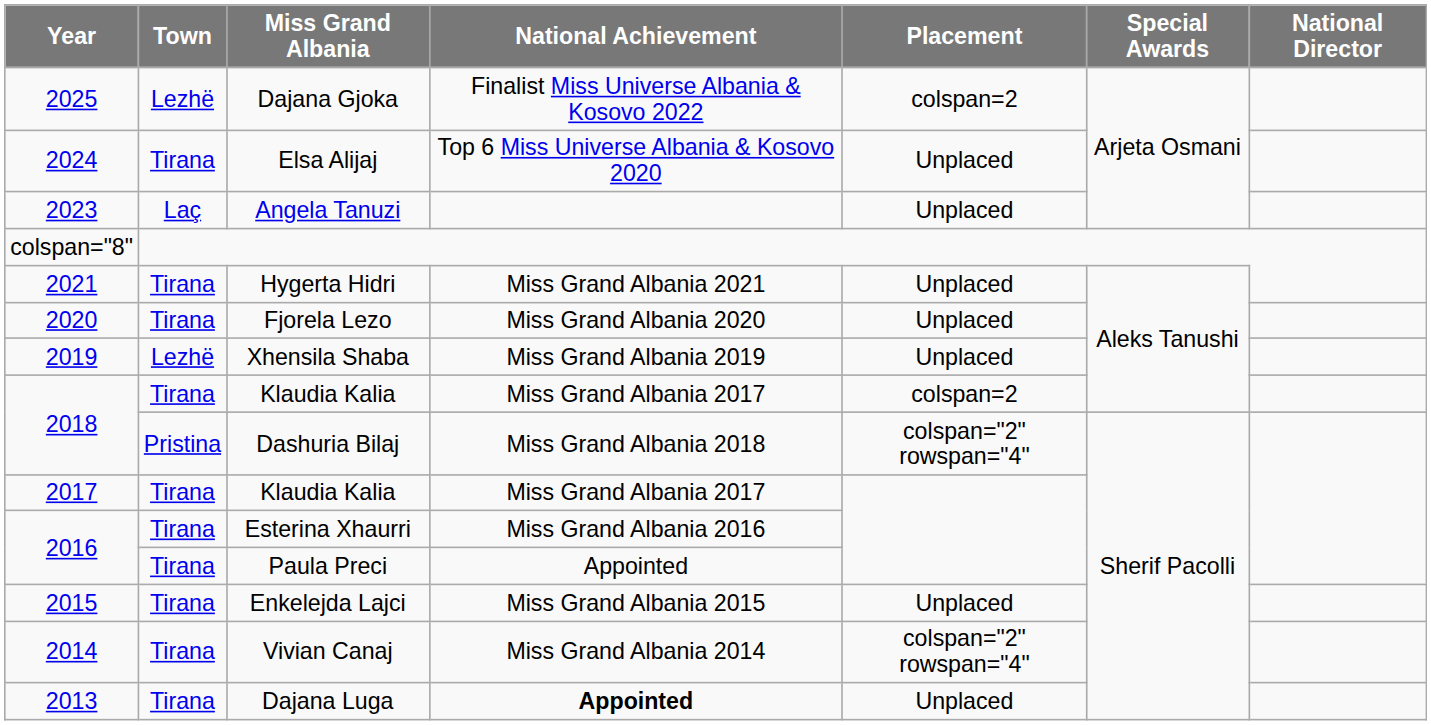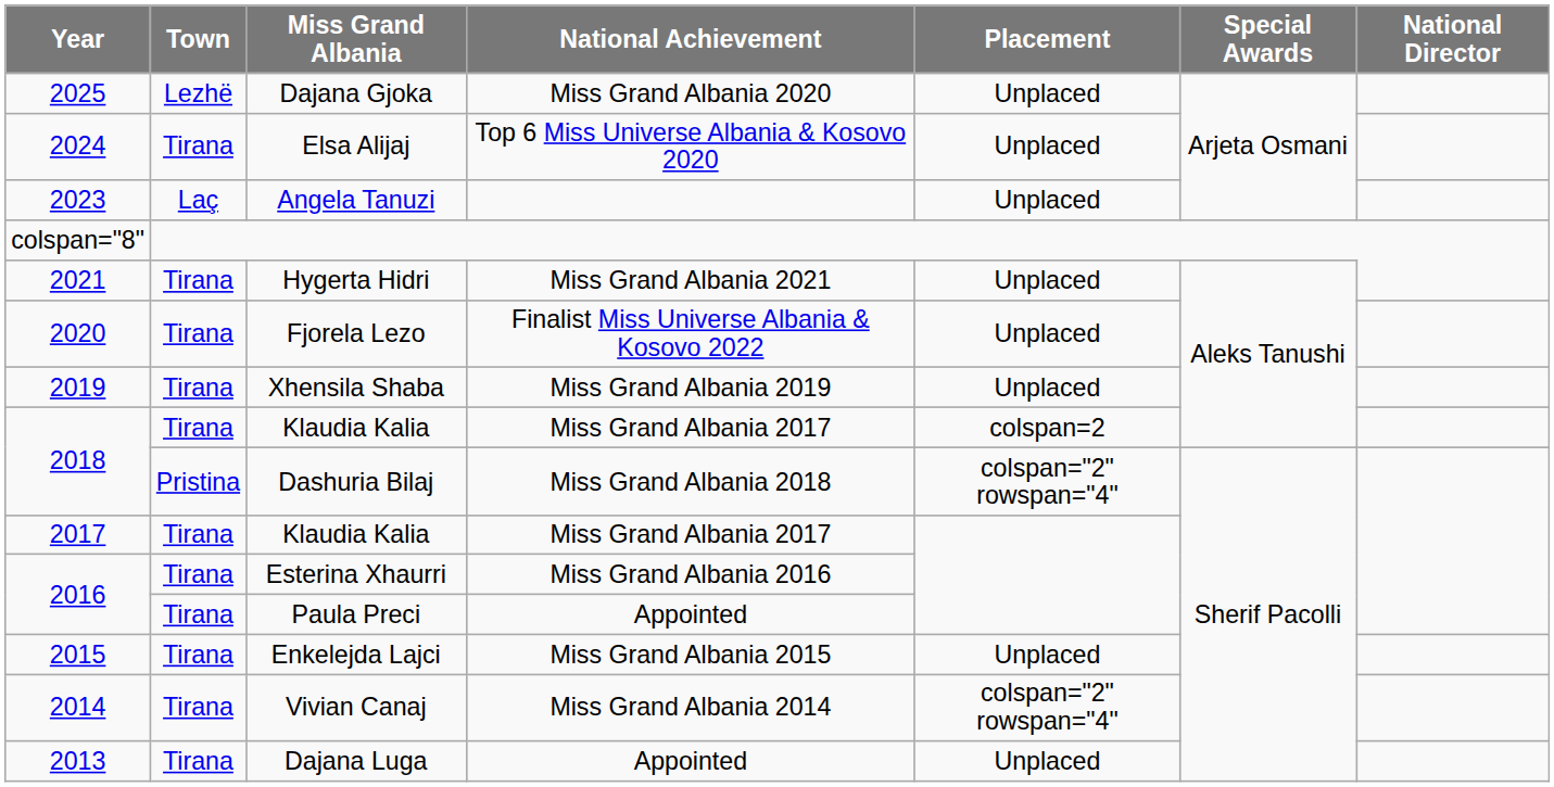 <table class="wikitable" style="font-size: 90%; text-align:center; width:100%">
 <tr>
 <th style="background-color:#787878;color:#FFFFFF;">Year</th>
 <th style="background-color:#787878;color:#FFFFFF;">Town</th>
 <th style="background-color:#787878;color:#FFFFFF;">Miss Grand Albania</th>
 <th style="background-color:#787878;color:#FFFFFF;">National Achievement</th>
 <th style="background-color:#787878;color:#FFFFFF;">Placement</th>
 <th style="background-color:#787878;color:#FFFFFF;">Special Awards</th>
 <th style="background-color:#787878;color:#FFFFFF;">National Director</th>
 </tr>
 <tr>
 <td><a href='#'>2025</a></td>
 <td><a href='#'>Lezhë</a></td>
 <td>Dajana Gjoka</td>
-<td>Finalist <a href='#'>Miss Universe Albania & Kosovo 2022</a></td>
-<td>colspan=2 </td>
+<td>Miss Grand Albania 2020</td>
+<td>Unplaced</td>
 <td rowspan="3">Arjeta Osmani</td>
 </tr>
 <tr>
 <td><a href='#'>2024</a></td>
 <td><a href='#'>Tirana</a></td>
 <td>Elsa Alijaj</td>
 <td>Top 6 <a href='#'>Miss Universe Albania & Kosovo 2020</a></td>
 <td>Unplaced</td>
 <td></td>
 </tr>
 <tr>
 <td><a href='#'>2023</a></td>
 <td><a href='#'>Laç</a></td>
 <td><a href='#'>Angela Tanuzi</a></td>
 <td></td>
 <td>Unplaced</td>
 <td></td>
 </tr>
 <tr>
 <td>colspan="8" </td>
 </tr>
 <tr>
 <td><a href='#'>2021</a></td>
 <td><a href='#'>Tirana</a></td>
 <td>Hygerta Hidri</td>
 <td>Miss Grand Albania 2021</td>
 <td>Unplaced</td>
 <td rowspan="4">Aleks Tanushi</td>
 </tr>
 <tr>
 <td><a href='#'>2020</a></td>
 <td><a href='#'>Tirana</a></td>
 <td>Fjorela Lezo</td>
-<td>Miss Grand Albania 2020</td>
+<td>Finalist <a href='#'>Miss Universe Albania & Kosovo 2022</a></td>
 <td>Unplaced</td>
 <td></td>
 </tr>
 <tr>
 <td><a href='#'>2019</a></td>
-<td><a href='#'>Lezhë</a></td>
+<td><a href='#'>Tirana</a></td>
 <td>Xhensila Shaba</td>
 <td>Miss Grand Albania 2019</td>
 <td>Unplaced</td>
 <td></td>
 </tr>
 <tr>
 <td rowspan="2"><a href='#'>2018</a></td>
 <td><a href='#'>Tirana</a></td>
 <td>Klaudia Kalia</td>
 <td>Miss Grand Albania 2017</td>
 <td>colspan=2 </td>
 <td></td>
 </tr>
 <tr>
 <td><a href='#'>Pristina</a></td>
 <td>Dashuria Bilaj</td>
 <td>Miss Grand Albania 2018</td>
 <td>colspan="2" rowspan="4" </td>
 <td rowspan="7">Sherif Pacolli</td>
 </tr>
 <tr>
 <td><a href='#'>2017</a></td>
 <td><a href='#'>Tirana</a></td>
 <td>Klaudia Kalia</td>
 <td>Miss Grand Albania 2017</td>
 </tr>
 <tr>
 <td rowspan="2"><a href='#'>2016</a></td>
 <td><a href='#'>Tirana</a></td>
 <td>Esterina Xhaurri</td>
 <td>Miss Grand Albania 2016</td>
 </tr>
 <tr>
 <td><a href='#'>Tirana</a></td>
 <td>Paula Preci</td>
 <td>Appointed</td>
 </tr>
 <tr>
 <td><a href='#'>2015</a></td>
 <td><a href='#'>Tirana</a></td>
 <td>Enkelejda Lajci</td>
 <td>Miss Grand Albania 2015</td>
 <td>Unplaced</td>
 <td></td>
 </tr>
 <tr>
 <td><a href='#'>2014</a></td>
 <td><a href='#'>Tirana</a></td>
 <td>Vivian Canaj</td>
 <td>Miss Grand Albania 2014</td>
 <td>colspan="2" rowspan="4" </td>
 <td></td>
 </tr>
 <tr>
 <td><a href='#'>2013</a></td>
 <td><a href='#'>Tirana</a></td>
 <td>Dajana Luga</td>
-<td><strong>Appointed</strong></td>
+<td>Appointed</td>
 <td>Unplaced</td>
 </tr>
 </table>
